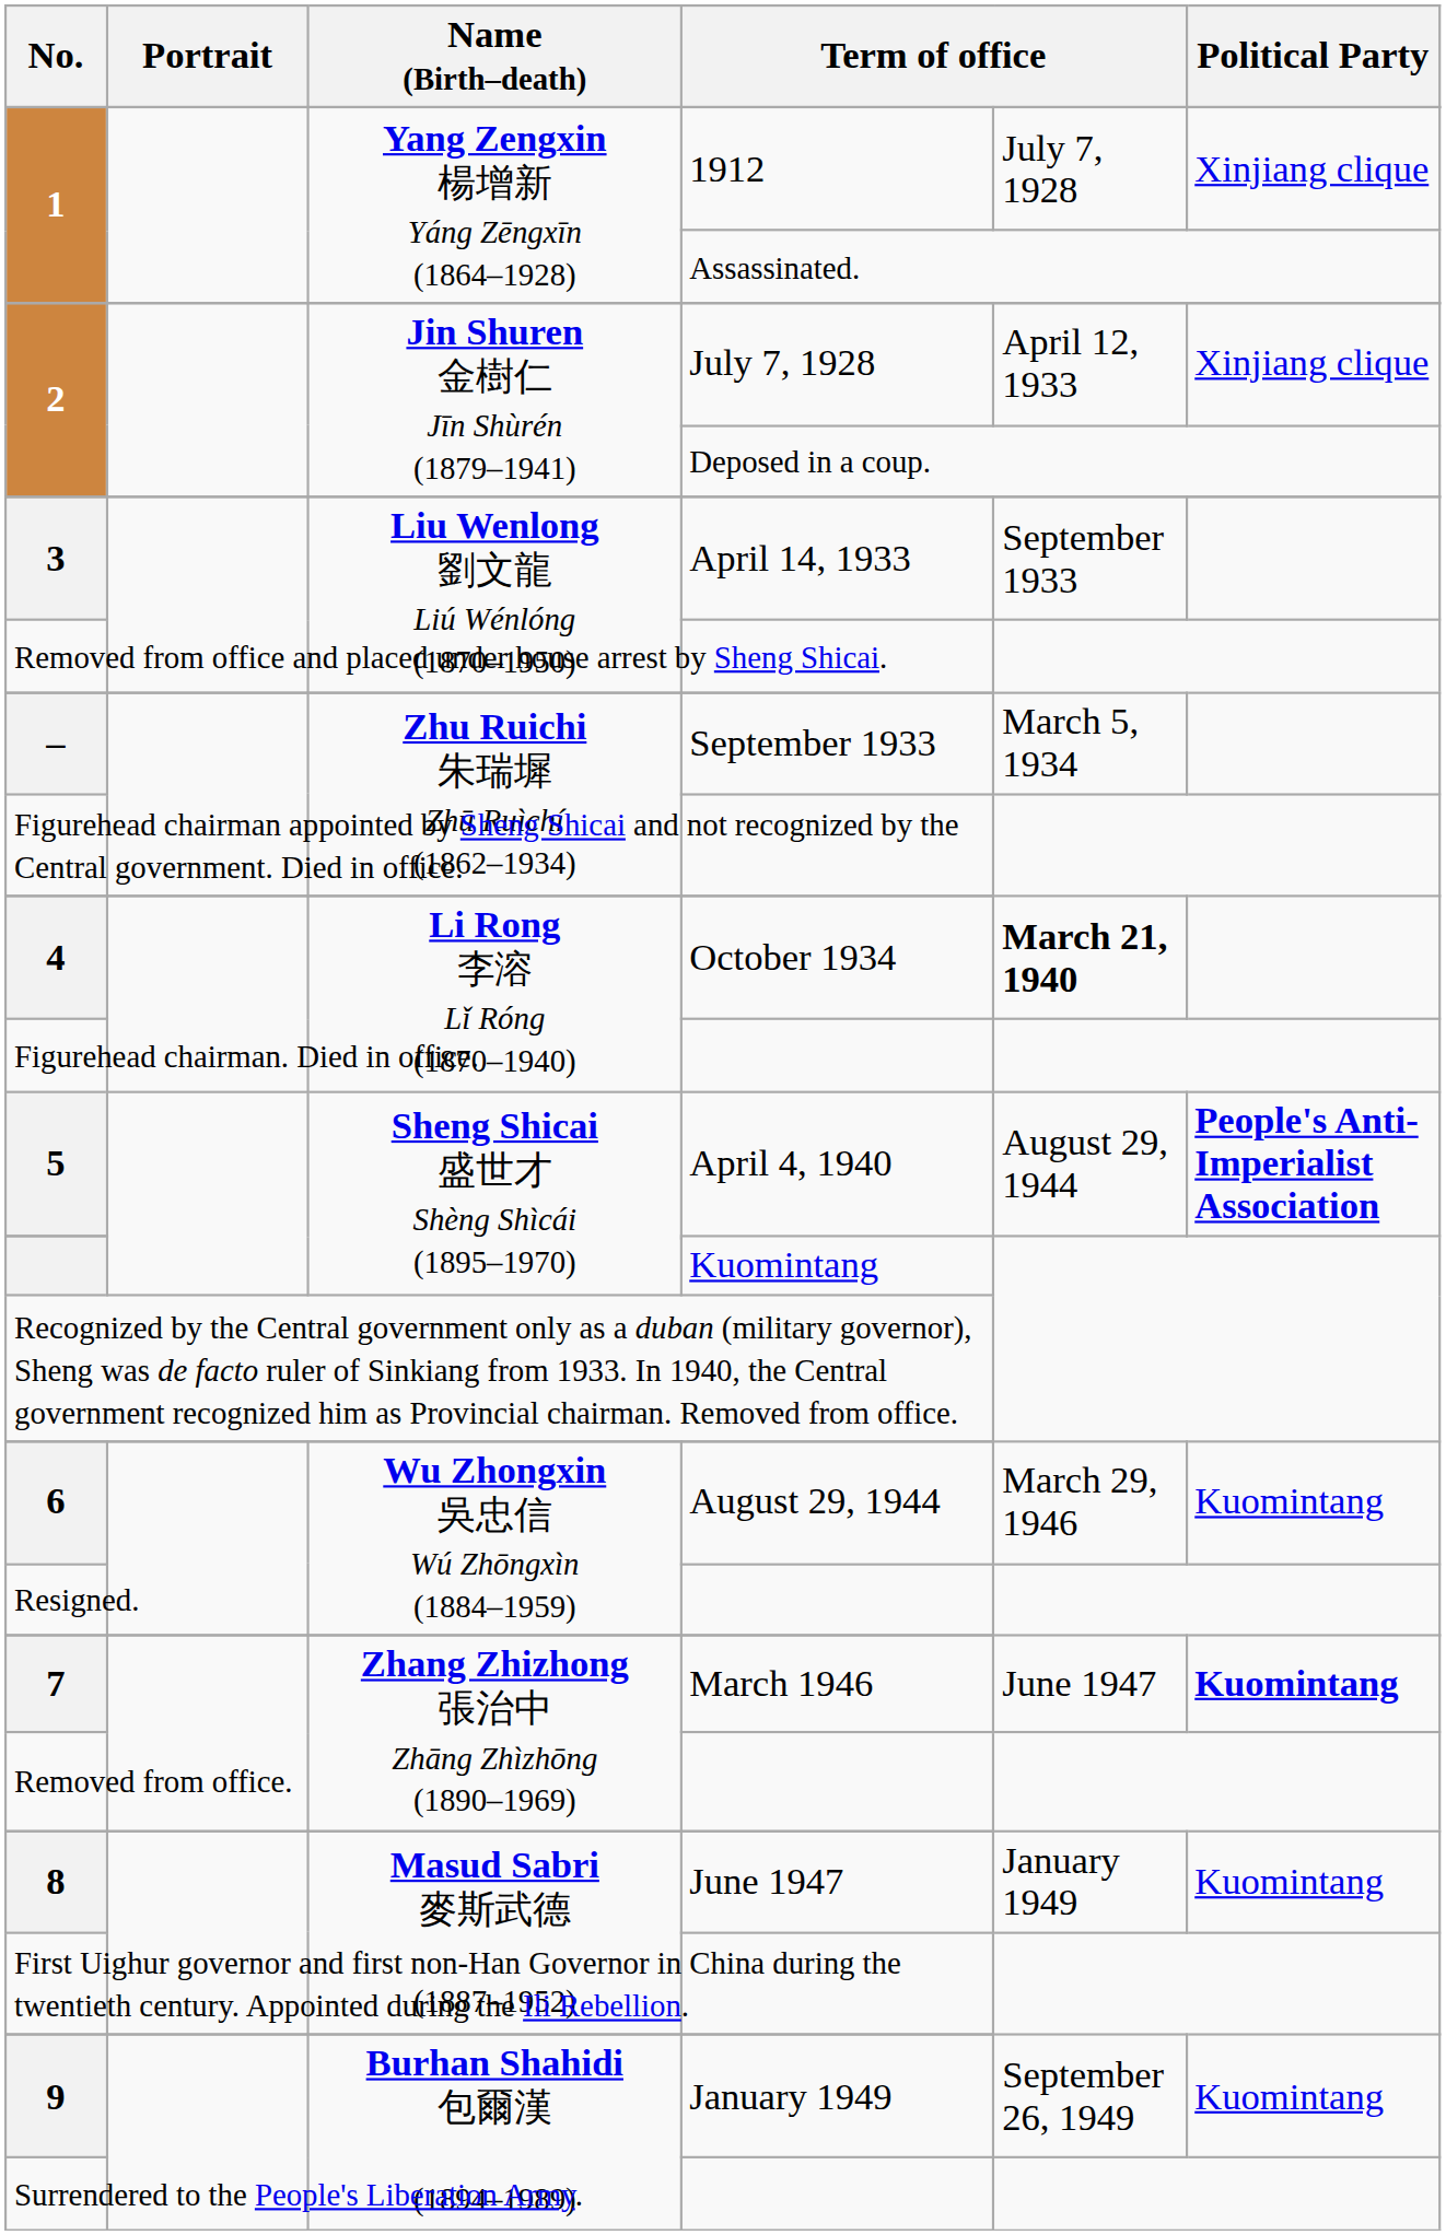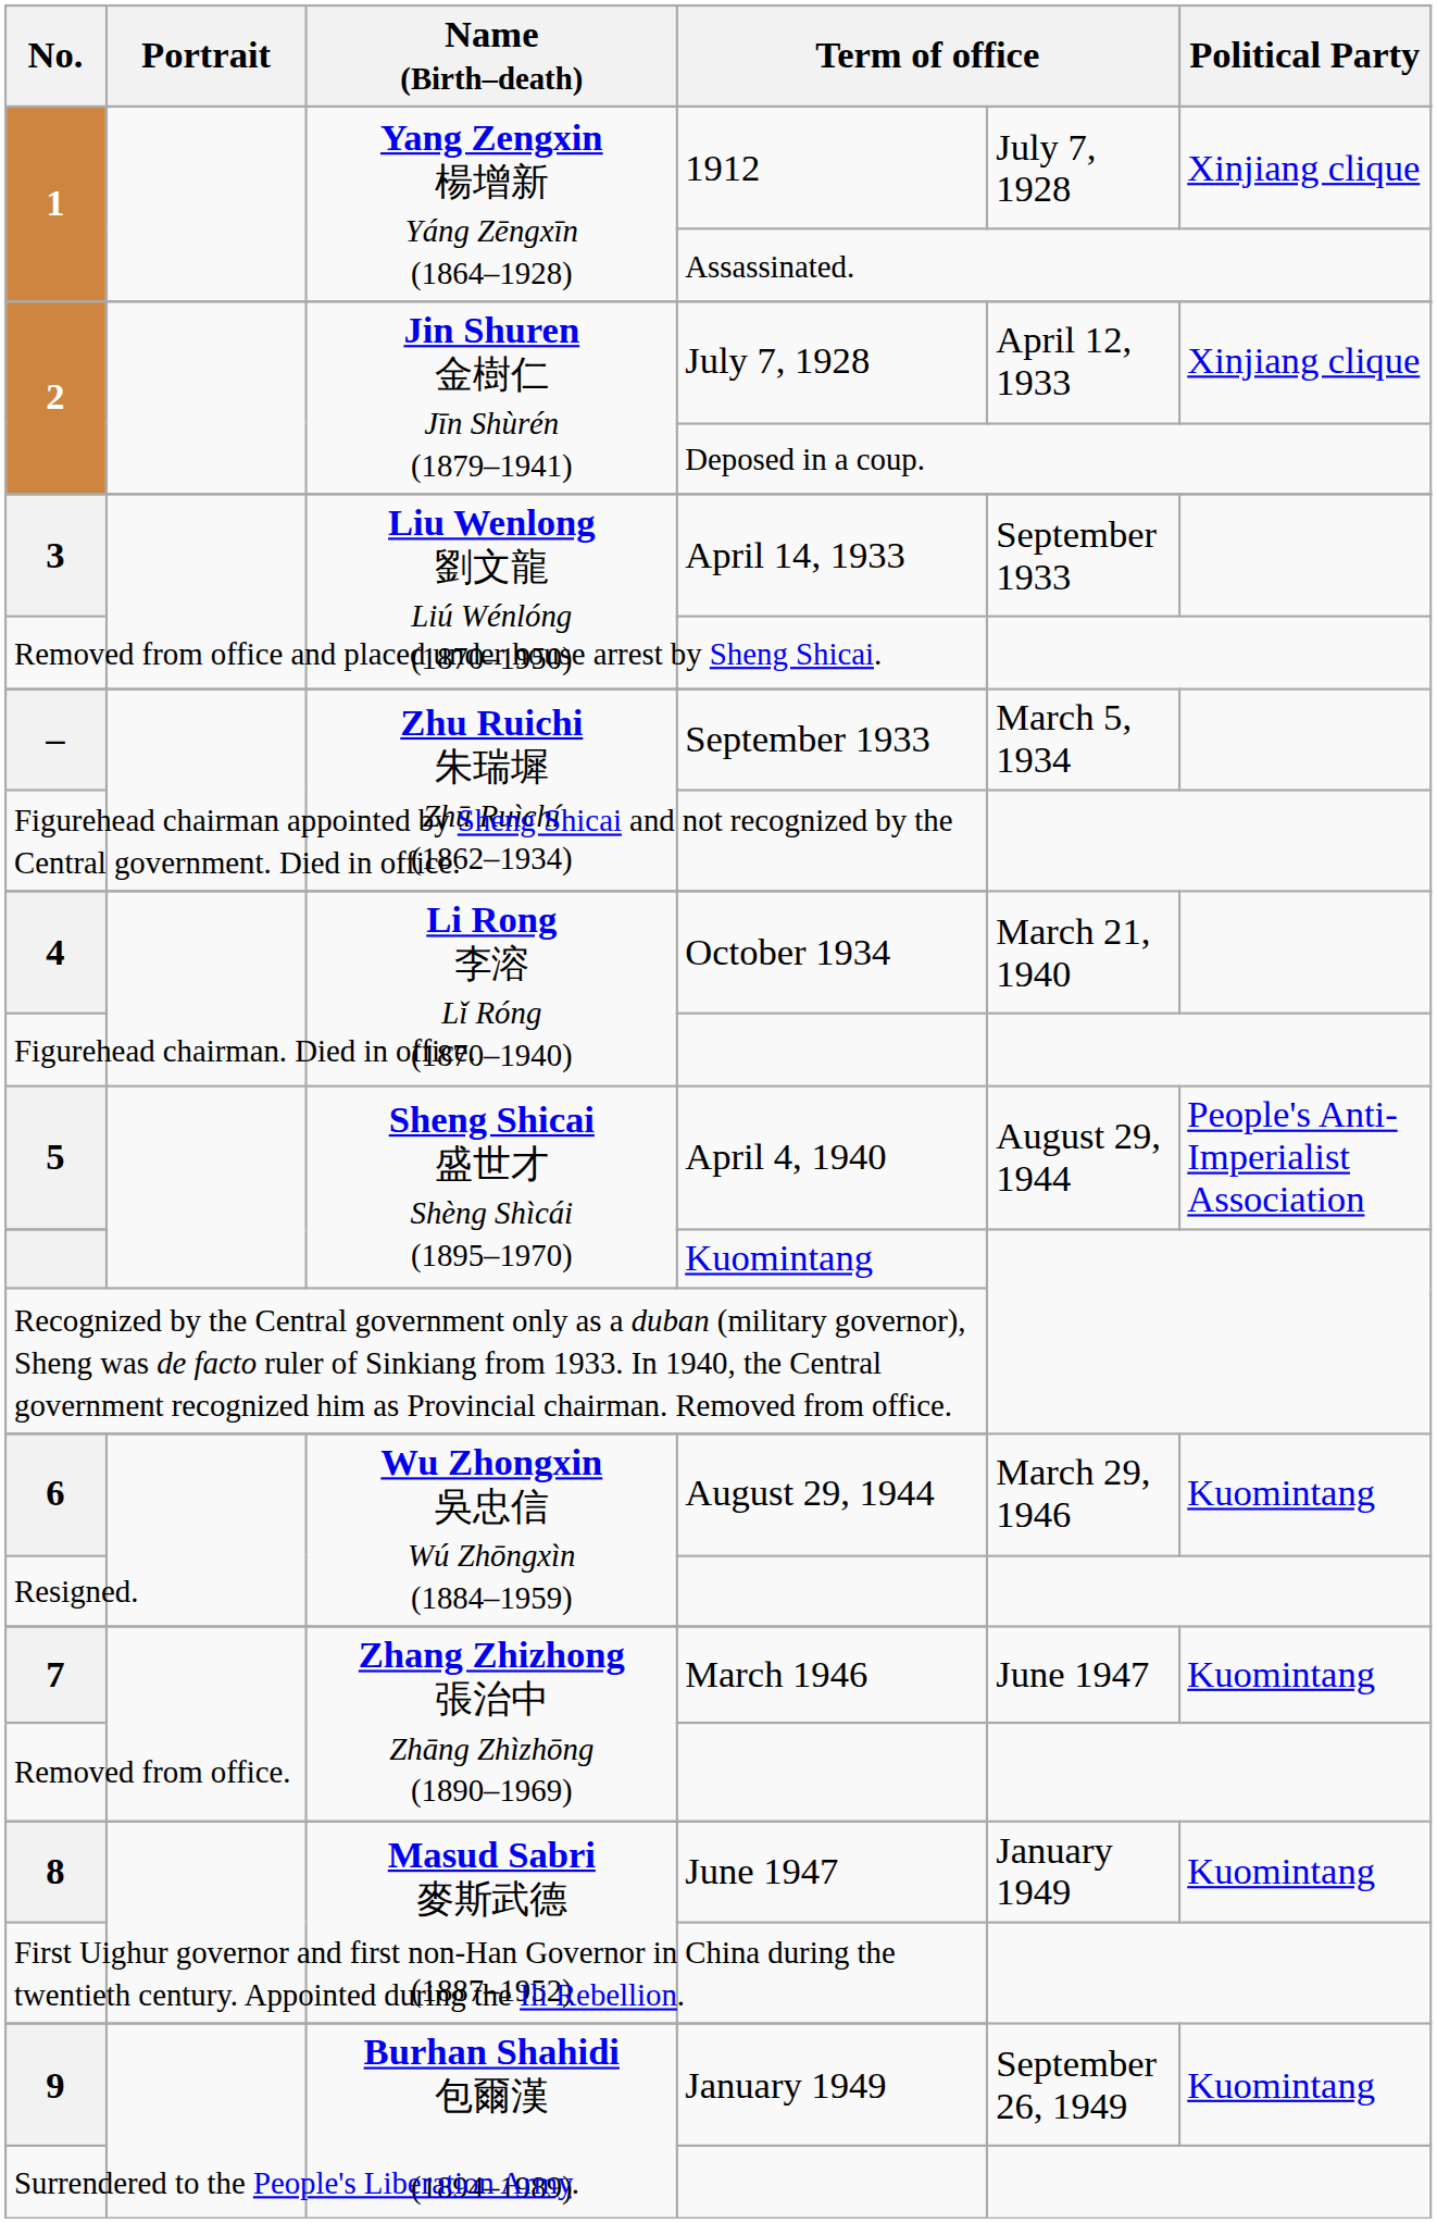 <table class="wikitable">
 <tr>
 <th>No.</th>
 <th>Portrait</th>
 <th width=150px>Name<br><small>(Birth–death)</small></th>
 <th colspan=2 width=200px>Term of office</th>
 <th width=100px>Political Party</th>
 </tr>
 <tr>
 </tr>
 <tr>
 <th style="background-color:#CD853F; color:white;" rowspan=2>1</th>
 <td rowspan=2 align=center></td>
 <td rowspan=2 align=center><strong><a href='#'>Yang Zengxin</a></strong><br><span>楊增新</span><br><small><em>Yáng Zēngxīn</em><br>(1864–1928)</small></td>
 <td>1912</td>
 <td>July 7, 1928</td>
 <td><a href='#'>Xinjiang clique</a></td>
 </tr>
 <tr>
 <td colspan=4><small>Assassinated.</small></td>
 </tr>
 <tr>
 </tr>
 <tr>
 <th style="background-color:#CD853F; color:white;" rowspan=2>2</th>
 <td rowspan=2 align=center></td>
 <td rowspan=2 align=center><strong><a href='#'>Jin Shuren</a></strong><br><span>金樹仁</span><br><small><em>Jīn Shùrén</em><br>(1879–1941)</small></td>
 <td>July 7, 1928</td>
 <td>April 12, 1933</td>
 <td><a href='#'>Xinjiang clique</a></td>
 </tr>
 <tr>
 <td colspan=4><small>Deposed in a coup.</small></td>
 </tr>
 <tr>
 </tr>
 <tr>
 <th style="background-color:">3</th>
 <td rowspan=2 align=center></td>
 <td rowspan=2 align=center><strong><a href='#'>Liu Wenlong</a></strong><br><span>劉文龍</span><br><small><em>Liú Wénlóng</em><br>(1870–1950)</small></td>
 <td>April 14, 1933</td>
 <td>September 1933</td>
 <td></td>
 </tr>
 <tr>
 <td colspan=4><small>Removed from office and placed under house arrest by <a href='#'>Sheng Shicai</a>.</small></td>
 </tr>
 <tr>
 </tr>
 <tr>
 <th style="background-color:">–</th>
 <td rowspan=2 align=center></td>
 <td rowspan=2 align=center><strong><a href='#'>Zhu Ruichi</a></strong><br><span>朱瑞墀</span><br><small><em>Zhū Ruìchí</em><br>(1862–1934)</small></td>
 <td>September 1933</td>
 <td>March 5, 1934</td>
 <td></td>
 </tr>
 <tr>
 <td colspan=4><small>Figurehead chairman appointed by <a href='#'>Sheng Shicai</a> and not recognized by the Central government. Died in office.</small></td>
 </tr>
 <tr>
 </tr>
 <tr>
 <th style="background-color:">4</th>
 <td rowspan=2 align=center></td>
 <td rowspan=2 align=center><strong><a href='#'>Li Rong</a></strong><br><span>李溶</span><br><small><em>Lǐ Róng</em><br>(1870–1940)</small></td>
 <td>October 1934</td>
-<td><strong>March 21, 1940</strong></td>
+<td>March 21, 1940</td>
 <td></td>
 </tr>
 <tr>
 <td colspan=4><small>Figurehead chairman. Died in office.</small></td>
 </tr>
 <tr>
 <th style="background-color:">5</th>
 <td rowspan=3 align=center></td>
 <td rowspan=3 align=center><strong><a href='#'>Sheng Shicai</a></strong><br><span>盛世才</span><br><small><em>Shèng Shìcái</em><br>(1895–1970)</small></td>
 <td rowspan=2>April 4, 1940</td>
 <td rowspan=2>August 29, 1944</td>
-<td><strong><a href='#'>People's Anti-Imperialist Association</a></strong></td>
+<td><a href='#'>People's Anti-Imperialist Association</a></td>
 </tr>
 <tr>
 </tr>
 <tr>
 <th style="background-color:"></th>
 <td><a href='#'>Kuomintang</a></td>
 </tr>
 <tr>
 <td colspan=4><small>Recognized by the Central government only as a <em>duban</em> (military governor), Sheng was <em>de facto</em> ruler of Sinkiang from 1933. In 1940, the Central government recognized him as Provincial chairman. Removed from office.</small></td>
 </tr>
 <tr>
 </tr>
 <tr>
 <th style="background-color:">6</th>
 <td rowspan=2 align=center></td>
 <td rowspan=2 align=center><strong><a href='#'>Wu Zhongxin</a></strong><br><span>吳忠信</span><br><small><em>Wú Zhōngxìn</em><br>(1884–1959)</small></td>
 <td>August 29, 1944</td>
 <td>March 29, 1946</td>
 <td><a href='#'>Kuomintang</a></td>
 </tr>
 <tr>
 <td colspan=4><small>Resigned.</small></td>
 </tr>
 <tr>
 </tr>
 <tr>
 <th style="background-color:">7</th>
 <td rowspan=2 align=center></td>
 <td rowspan=2 align=center><strong><a href='#'>Zhang Zhizhong</a></strong><br><span>張治中</span><br><small><em>Zhāng Zhìzhōng</em></small><br><small>(1890–1969)</small></td>
 <td>March 1946</td>
 <td>June 1947</td>
-<td><strong><a href='#'>Kuomintang</a></strong></td>
+<td><a href='#'>Kuomintang</a></td>
 </tr>
 <tr>
 <td colspan=4><small>Removed from office.</small></td>
 </tr>
 <tr>
 </tr>
 <tr>
 <th style="background-color:">8</th>
 <td rowspan=2 align=center></td>
 <td rowspan=2 align=center><strong><a href='#'>Masud Sabri</a></strong><br><span>麥斯武德</span><br><small><br>(1887–1952)</small></td>
 <td>June 1947</td>
 <td>January 1949</td>
 <td><a href='#'>Kuomintang</a></td>
 </tr>
 <tr>
 <td colspan=4><small>First Uighur governor and first non-Han Governor in China during the twentieth century. Appointed during the <a href='#'>Ili Rebellion</a>.</small></td>
 </tr>
 <tr>
 </tr>
 <tr>
 <th style="background-color:">9</th>
 <td rowspan=2 align=center></td>
 <td rowspan=2 align=center><strong><a href='#'>Burhan Shahidi</a></strong><br><span>包爾漢</span><br><small><br>(1894–1989)</small></td>
 <td>January 1949</td>
 <td>September 26, 1949</td>
 <td><a href='#'>Kuomintang</a></td>
 </tr>
 <tr>
 <td colspan=4><small>Surrendered to the <a href='#'>People's Liberation Army</a>.</small></td>
 </tr>
 <tr>
 </tr>
 </table>
